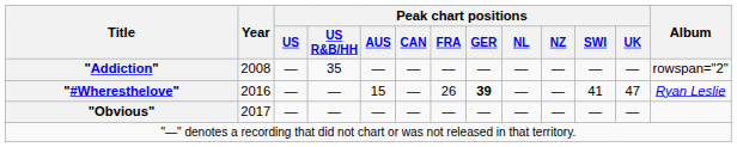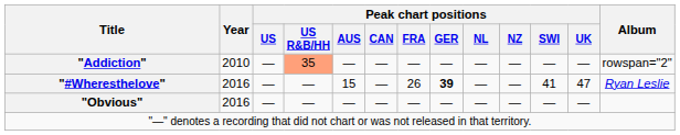 <table class="wikitable plainrowheaders" style="text-align:center;">
 <tr>
 <th scope="col" rowspan="2" style="width:18em;">Title</th>
 <th scope="col" rowspan="2">Year</th>
 <th scope="col" colspan="10">Peak chart positions</th>
 <th scope="col" rowspan="2">Album</th>
 </tr>
 <tr>
 <th scope="col" style="width:2.5em;font-size:90%;"><a href='#'>US</a><br></th>
 <th scope="col" style="width:2.5em;font-size:90%;"><a href='#'>US<br>R&B/HH</a><br></th>
 <th scope="col" style="width:2.5em;font-size:90%;"><a href='#'>AUS</a><br></th>
 <th scope="col" style="width:2.5em;font-size:90%;"><a href='#'>CAN</a><br></th>
 <th scope="col" style="width:2.5em;font-size:90%;"><a href='#'>FRA</a><br></th>
 <th scope="col" style="width:2.5em;font-size:90%;"><a href='#'>GER</a><br></th>
 <th scope="col" style="width:3em;font-size:90%;"><a href='#'>NL</a><br></th>
 <th scope="col" style="width:2.5em;font-size:90%;"><a href='#'>NZ</a><br></th>
 <th scope="col" style="width:3em;font-size:90%;"><a href='#'>SWI</a><br></th>
 <th scope="col" style="width:2.5em;font-size:90%;"><a href='#'>UK</a><br></th>
 </tr>
 <tr>
 <th scope="row">"<a href='#'>Addiction</a>"<br></th>
-<td>2008</td>
+<td>2010</td>
 <td>—</td>
-<td>35</td>
+<td style="background: lightsalmon;">35</td>
 <td>—</td>
 <td>—</td>
 <td>—</td>
 <td>—</td>
 <td>—</td>
 <td>—</td>
 <td>—</td>
 <td>—</td>
 <td>rowspan="2" </td>
 </tr>
 <tr>
 <th scope="row">"<a href='#'>#Wheresthelove</a>"<br></th>
 <td>2016</td>
 <td>—</td>
 <td>—</td>
 <td>15</td>
 <td>—</td>
 <td>26</td>
 <td><strong>39</strong></td>
 <td>—</td>
 <td>—</td>
 <td>41</td>
 <td>47</td>
 <td><em><a href='#'>Ryan Leslie</a></em></td>
 </tr>
 <tr>
 <th scope="row">"Obvious"<br></th>
-<td>2017</td>
+<td>2016</td>
 <td>—</td>
 <td>—</td>
 <td>—</td>
 <td>—</td>
 <td>—</td>
 <td>—</td>
 <td>—</td>
 <td>—</td>
 <td>—</td>
 <td>—</td>
 </tr>
 <tr>
 <td colspan="14" style="font-size:90%">"—" denotes a recording that did not chart or was not released in that territory.</td>
 </tr>
 </table>
